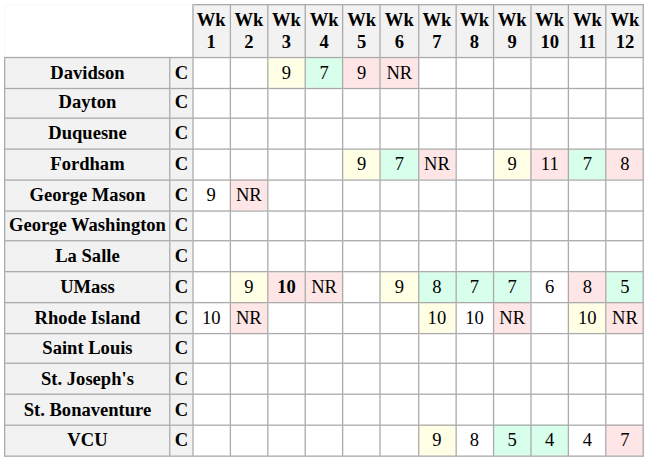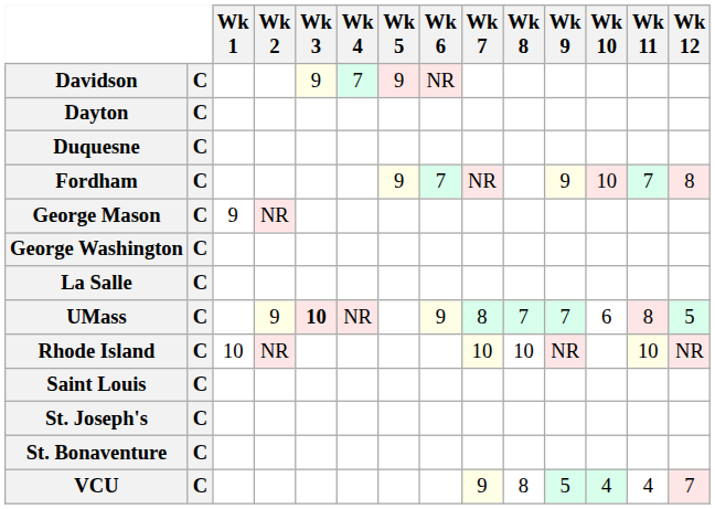 <table class="wikitable" style="white-space:nowrap;font-size:90%;">
 <tr>
 <th colspan=2 style="background:white; border-top-style:hidden; border-left-style:hidden;"> </th>
 <th>Wk<br>1</th>
 <th>Wk<br>2</th>
 <th>Wk<br>3</th>
 <th>Wk<br>4</th>
 <th>Wk<br>5</th>
 <th>Wk<br>6</th>
 <th>Wk<br>7</th>
 <th>Wk<br>8</th>
 <th>Wk<br>9</th>
 <th>Wk<br>10</th>
 <th>Wk<br>11</th>
 <th>Wk<br>12</th>
 </tr>
 <tr style="text-align:center;">
 <th>Davidson</th>
 <th>C</th>
 <td style="background:#FFF;"></td>
 <td style="background:#FFF;"></td>
 <td style="background:#FFFFE6;"> 9</td>
 <td style="background:#D8FFEB;"> 7</td>
 <td style="background:#FFE6E6;"> 9</td>
 <td style="background:#FFE6E6;"> NR</td>
 <td style="background:#FFF;"></td>
 <td style="background:#FFF;"></td>
 <td style="background:#FFF;"></td>
 <td style="background:#FFF;"></td>
 <td style="background:#FFF;"></td>
 <td style="background:#FFF;"></td>
 </tr>
 <tr style="text-align:center;">
 <th>Dayton</th>
 <th>C</th>
 <td style="background:#FFF;"></td>
 <td style="background:#FFF;"></td>
 <td style="background:#FFF;"></td>
 <td style="background:#FFF;"></td>
 <td style="background:#FFF;"></td>
 <td style="background:#FFF;"></td>
 <td style="background:#FFF;"></td>
 <td style="background:#FFF;"></td>
 <td style="background:#FFF;"></td>
 <td style="background:#FFF;"></td>
 <td style="background:#FFF;"></td>
 <td style="background:#FFF;"></td>
 </tr>
 <tr style="text-align:center;">
 <th>Duquesne</th>
 <th>C</th>
 <td style="background:#FFF;"></td>
 <td style="background:#FFF;"></td>
 <td style="background:#FFF;"></td>
 <td style="background:#FFF;"></td>
 <td style="background:#FFF;"></td>
 <td style="background:#FFF;"></td>
 <td style="background:#FFF;"></td>
 <td style="background:#FFF;"></td>
 <td style="background:#FFF;"></td>
 <td style="background:#FFF;"></td>
 <td style="background:#FFF;"></td>
 <td style="background:#FFF;"></td>
 </tr>
 <tr style="text-align:center;">
 <th>Fordham</th>
 <th>C</th>
 <td style="background:#FFF;"></td>
 <td style="background:#FFF;"></td>
 <td style="background:#FFF;"></td>
 <td style="background:#FFF;"></td>
 <td style="background:#FFFFE6;"> 9</td>
 <td style="background:#D8FFEB;"> 7</td>
 <td style="background:#FFE6E6;"> NR</td>
 <td style="background:#FFF;"></td>
 <td style="background:#FFFFE6;"> 9</td>
-<td style="background:#FFE6E6;"> 11</td>
+<td style="background:#FFE6E6;"> 10</td>
 <td style="background:#D8FFEB;"> 7</td>
 <td style="background:#FFE6E6;"> 8</td>
 </tr>
 <tr style="text-align:center;">
 <th>George Mason</th>
 <th>C</th>
 <td style="background:#FFF;"> 9</td>
 <td style="background:#FFE6E6;"> NR</td>
 <td style="background:#FFF;"></td>
 <td style="background:#FFF;"></td>
 <td style="background:#FFF;"></td>
 <td style="background:#FFF;"></td>
 <td style="background:#FFF;"></td>
 <td style="background:#FFF;"></td>
 <td style="background:#FFF;"></td>
 <td style="background:#FFF;"></td>
 <td style="background:#FFF;"></td>
 <td style="background:#FFF;"></td>
 </tr>
 <tr style="text-align:center;">
 <th>George Washington</th>
 <th>C</th>
 <td style="background:#FFF;"></td>
 <td style="background:#FFF;"></td>
 <td style="background:#FFF;"></td>
 <td style="background:#FFF;"></td>
 <td style="background:#FFF;"></td>
 <td style="background:#FFF;"></td>
 <td style="background:#FFF;"></td>
 <td style="background:#FFF;"></td>
 <td style="background:#FFF;"></td>
 <td style="background:#FFF;"></td>
 <td style="background:#FFF;"></td>
 <td style="background:#FFF;"></td>
 </tr>
 <tr style="text-align:center;">
 <th>La Salle</th>
 <th>C</th>
 <td style="background:#FFF;"></td>
 <td style="background:#FFF;"></td>
 <td style="background:#FFF;"></td>
 <td style="background:#FFF;"></td>
 <td style="background:#FFF;"></td>
 <td style="background:#FFF;"></td>
 <td style="background:#FFF;"></td>
 <td style="background:#FFF;"></td>
 <td style="background:#FFF;"></td>
 <td style="background:#FFF;"></td>
 <td style="background:#FFF;"></td>
 <td style="background:#FFF;"></td>
 </tr>
 <tr style="text-align:center;">
 <th>UMass</th>
 <th>C</th>
 <td style="background:#FFF;"></td>
 <td style="background:#FFFFE6;"> 9</td>
 <td style="background:#FFE6E6;"><strong> 10</strong></td>
 <td style="background:#FFE6E6;"> NR</td>
 <td style="background:#FFF;"></td>
 <td style="background:#FFFFE6;"> 9</td>
 <td style="background:#D8FFEB;"> 8</td>
 <td style="background:#D8FFEB;"> 7</td>
 <td style="background:#D8FFEB;"> 7</td>
 <td style="background:#FFF;"> 6</td>
 <td style="background:#FFE6E6;"> 8</td>
 <td style="background:#D8FFEB;"> 5</td>
 </tr>
 <tr style="text-align:center;">
 <th>Rhode Island</th>
 <th>C</th>
 <td style="background:#FFF;"> 10</td>
 <td style="background:#FFE6E6;"> NR</td>
 <td style="background:#FFF;"></td>
 <td style="background:#FFF;"></td>
 <td style="background:#FFF;"></td>
 <td style="background:#FFF;"></td>
 <td style="background:#FFFFE6;"> 10</td>
 <td style="background:#FFF;"> 10</td>
 <td style="background:#FFE6E6;"> NR</td>
 <td style="background:#FFF;"></td>
 <td style="background:#FFFFE6;"> 10</td>
 <td style="background:#FFE6E6;"> NR</td>
 </tr>
 <tr style="text-align:center;">
 <th>Saint Louis</th>
 <th>C</th>
 <td style="background:#FFF;"></td>
 <td style="background:#FFF;"></td>
 <td style="background:#FFF;"></td>
 <td style="background:#FFF;"></td>
 <td style="background:#FFF;"></td>
 <td style="background:#FFF;"></td>
 <td style="background:#FFF;"></td>
 <td style="background:#FFF;"></td>
 <td style="background:#FFF;"></td>
 <td style="background:#FFF;"></td>
 <td style="background:#FFF;"></td>
 <td style="background:#FFF;"></td>
 </tr>
 <tr style="text-align:center;">
 <th>St. Joseph's</th>
 <th>C</th>
 <td style="background:#FFF;"></td>
 <td style="background:#FFF;"></td>
 <td style="background:#FFF;"></td>
 <td style="background:#FFF;"></td>
 <td style="background:#FFF;"></td>
 <td style="background:#FFF;"></td>
 <td style="background:#FFF;"></td>
 <td style="background:#FFF;"></td>
 <td style="background:#FFF;"></td>
 <td style="background:#FFF;"></td>
 <td style="background:#FFF;"></td>
 <td style="background:#FFF;"></td>
 </tr>
 <tr style="text-align:center;">
 <th>St. Bonaventure</th>
 <th>C</th>
 <td style="background:#FFF;"></td>
 <td style="background:#FFF;"></td>
 <td style="background:#FFF;"></td>
 <td style="background:#FFF;"></td>
 <td style="background:#FFF;"></td>
 <td style="background:#FFF;"></td>
 <td style="background:#FFF;"></td>
 <td style="background:#FFF;"></td>
 <td style="background:#FFF;"></td>
 <td style="background:#FFF;"></td>
 <td style="background:#FFF;"></td>
 <td style="background:#FFF;"></td>
 </tr>
 <tr style="text-align:center;">
 <th>VCU</th>
 <th>C</th>
 <td style="background:#FFF;"></td>
 <td style="background:#FFF;"></td>
 <td style="background:#FFF;"></td>
 <td style="background:#FFF;"></td>
 <td style="background:#FFF;"></td>
 <td style="background:#FFF;"></td>
 <td style="background:#FFFFE6;"> 9</td>
 <td style="background:#FFF;"> 8</td>
 <td style="background:#D8FFEB;"> 5</td>
 <td style="background:#D8FFEB;"> 4</td>
 <td style="background:#FFF;"> 4</td>
 <td style="background:#FFE6E6;"> 7</td>
 </tr>
 </table>
